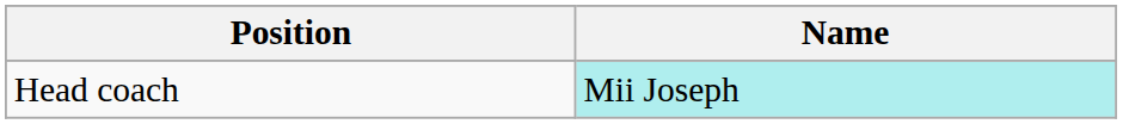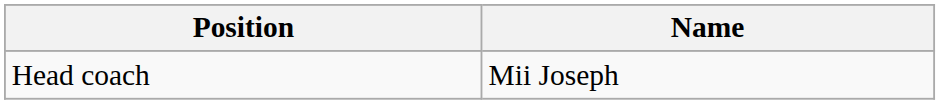 <table class="wikitable" width=40% style="text-align:left;font-size:100%;">
 <tr>
 <th>Position</th>
 <th>Name</th>
 </tr>
 <tr>
 <td>Head coach</td>
-<td style="background: paleturquoise;"> Mii Joseph</td>
+<td> Mii Joseph</td>
 </tr>
 </table>
